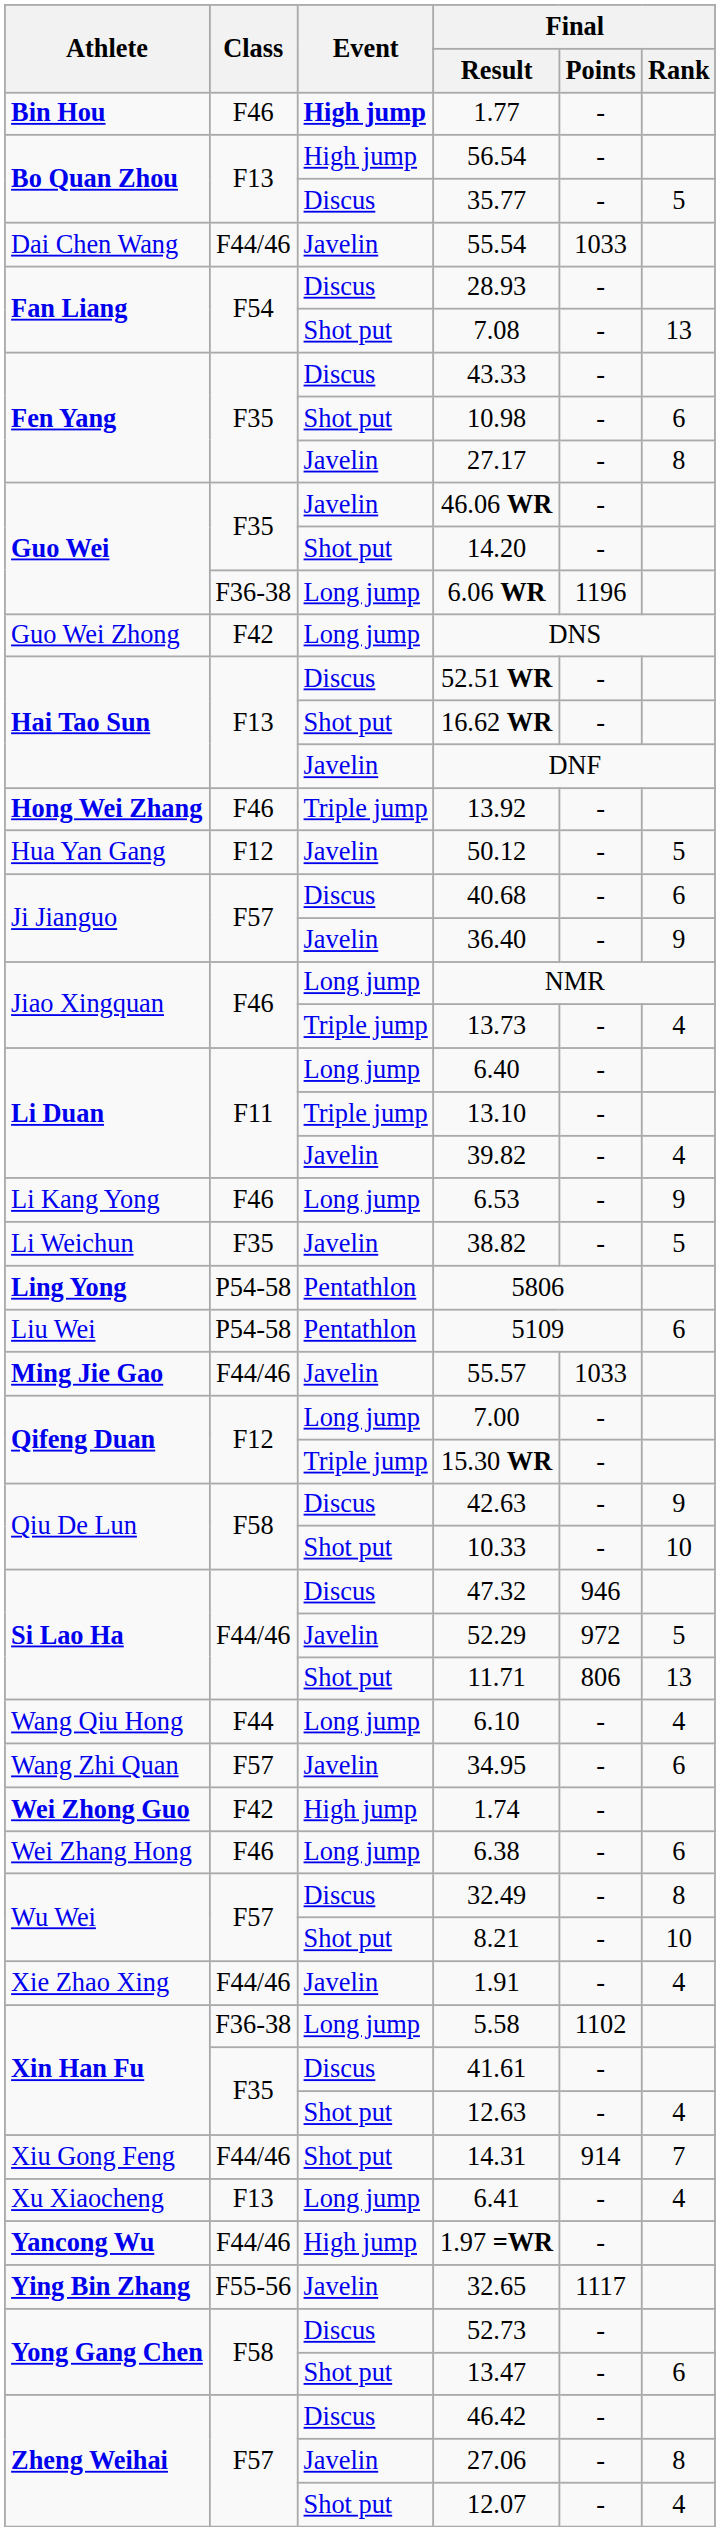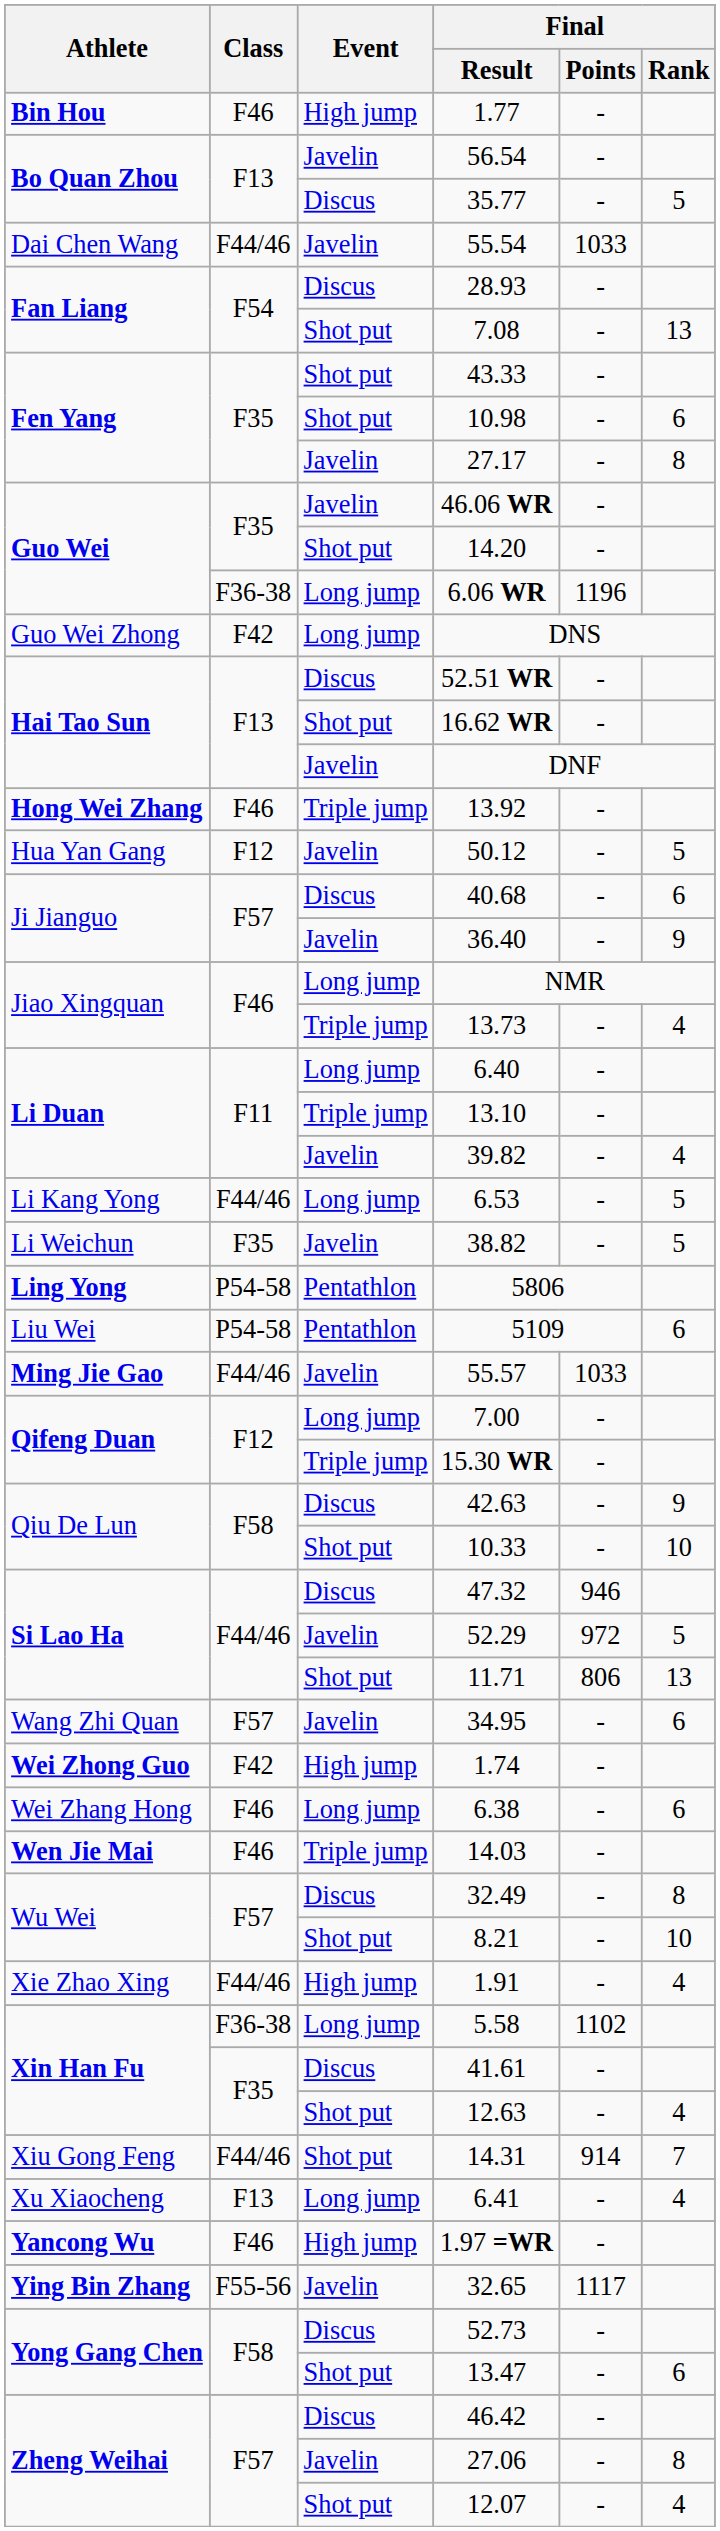 <table class=wikitable style="font-size:90%">
 <tr>
 <th rowspan="2">Athlete</th>
 <th rowspan="2">Class</th>
 <th rowspan="2">Event</th>
 <th colspan="3">Final</th>
 </tr>
 <tr>
 <th>Result</th>
 <th>Points</th>
 <th>Rank</th>
 </tr>
 <tr>
 <td><strong><a href='#'>Bin Hou</a></strong></td>
 <td style="text-align:center;">F46</td>
-<td><strong><a href='#'>High jump</a></strong></td>
+<td><a href='#'>High jump</a></td>
 <td style="text-align:center;">1.77</td>
 <td style="text-align:center;">-</td>
 <td style="text-align:center;"></td>
 </tr>
 <tr>
 <td rowspan="2"><strong><a href='#'>Bo Quan Zhou</a></strong></td>
 <td rowspan="2" style="text-align:center;">F13</td>
-<td><a href='#'>High jump</a></td>
+<td><a href='#'>Javelin</a></td>
 <td style="text-align:center;">56.54</td>
 <td style="text-align:center;">-</td>
 <td style="text-align:center;"></td>
 </tr>
 <tr>
 <td><a href='#'>Discus</a></td>
 <td style="text-align:center;">35.77</td>
 <td style="text-align:center;">-</td>
 <td style="text-align:center;">5</td>
 </tr>
 <tr>
 <td><a href='#'>Dai Chen Wang</a></td>
 <td style="text-align:center;">F44/46</td>
 <td><a href='#'>Javelin</a></td>
 <td style="text-align:center;">55.54</td>
 <td style="text-align:center;">1033</td>
 <td style="text-align:center;"></td>
 </tr>
 <tr>
 <td rowspan="2"><strong><a href='#'>Fan Liang</a></strong></td>
 <td rowspan="2" style="text-align:center;">F54</td>
 <td><a href='#'>Discus</a></td>
 <td style="text-align:center;">28.93</td>
 <td style="text-align:center;">-</td>
 <td style="text-align:center;"></td>
 </tr>
 <tr>
 <td><a href='#'>Shot put</a></td>
 <td style="text-align:center;">7.08</td>
 <td style="text-align:center;">-</td>
 <td style="text-align:center;">13</td>
 </tr>
 <tr>
 <td rowspan="3"><strong><a href='#'>Fen Yang</a></strong></td>
 <td rowspan="3" style="text-align:center;">F35</td>
-<td><a href='#'>Discus</a></td>
+<td><a href='#'>Shot put</a></td>
 <td style="text-align:center;">43.33</td>
 <td style="text-align:center;">-</td>
 <td style="text-align:center;"></td>
 </tr>
 <tr>
 <td><a href='#'>Shot put</a></td>
 <td style="text-align:center;">10.98</td>
 <td style="text-align:center;">-</td>
 <td style="text-align:center;">6</td>
 </tr>
 <tr>
 <td><a href='#'>Javelin</a></td>
 <td style="text-align:center;">27.17</td>
 <td style="text-align:center;">-</td>
 <td style="text-align:center;">8</td>
 </tr>
 <tr>
 <td rowspan="3"><strong><a href='#'>Guo Wei</a></strong></td>
 <td rowspan="2" style="text-align:center;">F35</td>
 <td><a href='#'>Javelin</a></td>
 <td style="text-align:center;">46.06 <strong>WR</strong></td>
 <td style="text-align:center;">-</td>
 <td style="text-align:center;"></td>
 </tr>
 <tr>
 <td><a href='#'>Shot put</a></td>
 <td style="text-align:center;">14.20</td>
 <td style="text-align:center;">-</td>
 <td style="text-align:center;"></td>
 </tr>
 <tr>
 <td style="text-align:center;">F36-38</td>
 <td><a href='#'>Long jump</a></td>
 <td style="text-align:center;">6.06 <strong>WR</strong></td>
 <td style="text-align:center;">1196</td>
 <td style="text-align:center;"></td>
 </tr>
 <tr>
 <td><a href='#'>Guo Wei Zhong</a></td>
 <td style="text-align:center;">F42</td>
 <td><a href='#'>Long jump</a></td>
 <td style="text-align:center;" colspan="3">DNS</td>
 </tr>
 <tr>
 <td rowspan="3"><strong><a href='#'>Hai Tao Sun</a></strong></td>
 <td rowspan="3" style="text-align:center;">F13</td>
 <td><a href='#'>Discus</a></td>
 <td style="text-align:center;">52.51 <strong>WR</strong></td>
 <td style="text-align:center;">-</td>
 <td style="text-align:center;"></td>
 </tr>
 <tr>
 <td><a href='#'>Shot put</a></td>
 <td style="text-align:center;">16.62 <strong>WR</strong></td>
 <td style="text-align:center;">-</td>
 <td style="text-align:center;"></td>
 </tr>
 <tr>
 <td><a href='#'>Javelin</a></td>
 <td style="text-align:center;" colspan="3">DNF</td>
 </tr>
 <tr>
 <td><strong><a href='#'>Hong Wei Zhang</a></strong></td>
 <td style="text-align:center;">F46</td>
 <td><a href='#'>Triple jump</a></td>
 <td style="text-align:center;">13.92</td>
 <td style="text-align:center;">-</td>
 <td style="text-align:center;"></td>
 </tr>
 <tr>
 <td><a href='#'>Hua Yan Gang</a></td>
 <td style="text-align:center;">F12</td>
 <td><a href='#'>Javelin</a></td>
 <td style="text-align:center;">50.12</td>
 <td style="text-align:center;">-</td>
 <td style="text-align:center;">5</td>
 </tr>
 <tr>
 <td rowspan="2"><a href='#'>Ji Jianguo</a></td>
 <td rowspan="2" style="text-align:center;">F57</td>
 <td><a href='#'>Discus</a></td>
 <td style="text-align:center;">40.68</td>
 <td style="text-align:center;">-</td>
 <td style="text-align:center;">6</td>
 </tr>
 <tr>
 <td><a href='#'>Javelin</a></td>
 <td style="text-align:center;">36.40</td>
 <td style="text-align:center;">-</td>
 <td style="text-align:center;">9</td>
 </tr>
 <tr>
 <td rowspan="2"><a href='#'>Jiao Xingquan</a></td>
 <td rowspan="2" style="text-align:center;">F46</td>
 <td><a href='#'>Long jump</a></td>
 <td style="text-align:center;" colspan="3">NMR</td>
 </tr>
 <tr>
 <td><a href='#'>Triple jump</a></td>
 <td style="text-align:center;">13.73</td>
 <td style="text-align:center;">-</td>
 <td style="text-align:center;">4</td>
 </tr>
 <tr>
 <td rowspan="3"><strong><a href='#'>Li Duan</a></strong></td>
 <td rowspan="3" style="text-align:center;">F11</td>
 <td><a href='#'>Long jump</a></td>
 <td style="text-align:center;">6.40</td>
 <td style="text-align:center;">-</td>
 <td style="text-align:center;"></td>
 </tr>
 <tr>
 <td><a href='#'>Triple jump</a></td>
 <td style="text-align:center;">13.10</td>
 <td style="text-align:center;">-</td>
 <td style="text-align:center;"></td>
 </tr>
 <tr>
 <td><a href='#'>Javelin</a></td>
 <td style="text-align:center;">39.82</td>
 <td style="text-align:center;">-</td>
 <td style="text-align:center;">4</td>
 </tr>
 <tr>
 <td><a href='#'>Li Kang Yong</a></td>
-<td style="text-align:center;">F46</td>
+<td style="text-align:center;">F44/46</td>
 <td><a href='#'>Long jump</a></td>
 <td style="text-align:center;">6.53</td>
 <td style="text-align:center;">-</td>
-<td style="text-align:center;">9</td>
+<td style="text-align:center;">5</td>
 </tr>
 <tr>
 <td><a href='#'>Li Weichun</a></td>
 <td style="text-align:center;">F35</td>
 <td><a href='#'>Javelin</a></td>
 <td style="text-align:center;">38.82</td>
 <td style="text-align:center;">-</td>
 <td style="text-align:center;">5</td>
 </tr>
 <tr>
 <td><strong><a href='#'>Ling Yong</a></strong></td>
 <td style="text-align:center;">P54-58</td>
 <td><a href='#'>Pentathlon</a></td>
 <td style="text-align:center;" colspan="2">5806</td>
 <td style="text-align:center;"></td>
 </tr>
 <tr>
 <td><a href='#'>Liu Wei</a></td>
 <td style="text-align:center;">P54-58</td>
 <td><a href='#'>Pentathlon</a></td>
 <td style="text-align:center;" colspan="2">5109</td>
 <td style="text-align:center;">6</td>
 </tr>
 <tr>
 <td><strong><a href='#'>Ming Jie Gao</a></strong></td>
 <td style="text-align:center;">F44/46</td>
 <td><a href='#'>Javelin</a></td>
 <td style="text-align:center;">55.57</td>
 <td style="text-align:center;">1033</td>
 <td style="text-align:center;"></td>
 </tr>
 <tr>
 <td rowspan="2"><strong><a href='#'>Qifeng Duan</a></strong></td>
 <td rowspan="2" style="text-align:center;">F12</td>
 <td><a href='#'>Long jump</a></td>
 <td style="text-align:center;">7.00</td>
 <td style="text-align:center;">-</td>
 <td style="text-align:center;"></td>
 </tr>
 <tr>
 <td><a href='#'>Triple jump</a></td>
 <td style="text-align:center;">15.30 <strong>WR</strong></td>
 <td style="text-align:center;">-</td>
 <td style="text-align:center;"></td>
 </tr>
 <tr>
 <td rowspan="2"><a href='#'>Qiu De Lun</a></td>
 <td rowspan="2" style="text-align:center;">F58</td>
 <td><a href='#'>Discus</a></td>
 <td style="text-align:center;">42.63</td>
 <td style="text-align:center;">-</td>
 <td style="text-align:center;">9</td>
 </tr>
 <tr>
 <td><a href='#'>Shot put</a></td>
 <td style="text-align:center;">10.33</td>
 <td style="text-align:center;">-</td>
 <td style="text-align:center;">10</td>
 </tr>
 <tr>
 <td rowspan="3"><strong><a href='#'>Si Lao Ha</a></strong></td>
 <td rowspan="3" style="text-align:center;">F44/46</td>
 <td><a href='#'>Discus</a></td>
 <td style="text-align:center;">47.32</td>
 <td style="text-align:center;">946</td>
 <td style="text-align:center;"></td>
 </tr>
 <tr>
 <td><a href='#'>Javelin</a></td>
 <td style="text-align:center;">52.29</td>
 <td style="text-align:center;">972</td>
 <td style="text-align:center;">5</td>
 </tr>
 <tr>
 <td><a href='#'>Shot put</a></td>
 <td style="text-align:center;">11.71</td>
 <td style="text-align:center;">806</td>
 <td style="text-align:center;">13</td>
 </tr>
 <tr>
-<td><a href='#'>Wang Qiu Hong</a></td>
-<td style="text-align:center;">F44</td>
-<td><a href='#'>Long jump</a></td>
-<td style="text-align:center;">6.10</td>
-<td style="text-align:center;">-</td>
-<td style="text-align:center;">4</td>
-</tr>
-<tr>
 <td><a href='#'>Wang Zhi Quan</a></td>
 <td style="text-align:center;">F57</td>
 <td><a href='#'>Javelin</a></td>
 <td style="text-align:center;">34.95</td>
 <td style="text-align:center;">-</td>
 <td style="text-align:center;">6</td>
 </tr>
 <tr>
 <td><strong><a href='#'>Wei Zhong Guo</a></strong></td>
 <td style="text-align:center;">F42</td>
 <td><a href='#'>High jump</a></td>
 <td style="text-align:center;">1.74</td>
 <td style="text-align:center;">-</td>
 <td style="text-align:center;"></td>
 </tr>
 <tr>
 <td><a href='#'>Wei Zhang Hong</a></td>
 <td style="text-align:center;">F46</td>
 <td><a href='#'>Long jump</a></td>
 <td style="text-align:center;">6.38</td>
 <td style="text-align:center;">-</td>
 <td style="text-align:center;">6</td>
 </tr>
 <tr>
+<td><strong><a href='#'>Wen Jie Mai</a></strong></td>
+<td style="text-align:center;">F46</td>
+<td><a href='#'>Triple jump</a></td>
+<td style="text-align:center;">14.03</td>
+<td style="text-align:center;">-</td>
+<td style="text-align:center;"></td>
+</tr>
+<tr>
 <td rowspan="2"><a href='#'>Wu Wei</a></td>
 <td rowspan="2" style="text-align:center;">F57</td>
 <td><a href='#'>Discus</a></td>
 <td style="text-align:center;">32.49</td>
 <td style="text-align:center;">-</td>
 <td style="text-align:center;">8</td>
 </tr>
 <tr>
 <td><a href='#'>Shot put</a></td>
 <td style="text-align:center;">8.21</td>
 <td style="text-align:center;">-</td>
 <td style="text-align:center;">10</td>
 </tr>
 <tr>
 <td><a href='#'>Xie Zhao Xing</a></td>
 <td style="text-align:center;">F44/46</td>
-<td><a href='#'>Javelin</a></td>
+<td><a href='#'>High jump</a></td>
 <td style="text-align:center;">1.91</td>
 <td style="text-align:center;">-</td>
 <td style="text-align:center;">4</td>
 </tr>
 <tr>
 <td rowspan="3"><strong><a href='#'>Xin Han Fu</a></strong></td>
 <td style="text-align:center;">F36-38</td>
 <td><a href='#'>Long jump</a></td>
 <td style="text-align:center;">5.58</td>
 <td style="text-align:center;">1102</td>
 <td style="text-align:center;"></td>
 </tr>
 <tr>
 <td rowspan="2" style="text-align:center;">F35</td>
 <td><a href='#'>Discus</a></td>
 <td style="text-align:center;">41.61</td>
 <td style="text-align:center;">-</td>
 <td style="text-align:center;"></td>
 </tr>
 <tr>
 <td><a href='#'>Shot put</a></td>
 <td style="text-align:center;">12.63</td>
 <td style="text-align:center;">-</td>
 <td style="text-align:center;">4</td>
 </tr>
 <tr>
 <td><a href='#'>Xiu Gong Feng</a></td>
 <td style="text-align:center;">F44/46</td>
 <td><a href='#'>Shot put</a></td>
 <td style="text-align:center;">14.31</td>
 <td style="text-align:center;">914</td>
 <td style="text-align:center;">7</td>
 </tr>
 <tr>
 <td><a href='#'>Xu Xiaocheng</a></td>
 <td style="text-align:center;">F13</td>
 <td><a href='#'>Long jump</a></td>
 <td style="text-align:center;">6.41</td>
 <td style="text-align:center;">-</td>
 <td style="text-align:center;">4</td>
 </tr>
 <tr>
 <td><strong><a href='#'>Yancong Wu</a></strong></td>
-<td style="text-align:center;">F44/46</td>
+<td style="text-align:center;">F46</td>
 <td><a href='#'>High jump</a></td>
 <td style="text-align:center;">1.97 <strong>=WR</strong></td>
 <td style="text-align:center;">-</td>
 <td style="text-align:center;"></td>
 </tr>
 <tr>
 <td><strong><a href='#'>Ying Bin Zhang</a></strong></td>
 <td style="text-align:center;">F55-56</td>
 <td><a href='#'>Javelin</a></td>
 <td style="text-align:center;">32.65</td>
 <td style="text-align:center;">1117</td>
 <td style="text-align:center;"></td>
 </tr>
 <tr>
 <td rowspan="2"><strong><a href='#'>Yong Gang Chen</a></strong></td>
 <td rowspan="2" style="text-align:center;">F58</td>
 <td><a href='#'>Discus</a></td>
 <td style="text-align:center;">52.73</td>
 <td style="text-align:center;">-</td>
 <td style="text-align:center;"></td>
 </tr>
 <tr>
 <td><a href='#'>Shot put</a></td>
 <td style="text-align:center;">13.47</td>
 <td style="text-align:center;">-</td>
 <td style="text-align:center;">6</td>
 </tr>
 <tr>
 <td rowspan="3"><strong><a href='#'>Zheng Weihai</a></strong></td>
 <td rowspan="3" style="text-align:center;">F57</td>
 <td><a href='#'>Discus</a></td>
 <td style="text-align:center;">46.42</td>
 <td style="text-align:center;">-</td>
 <td style="text-align:center;"></td>
 </tr>
 <tr>
 <td><a href='#'>Javelin</a></td>
 <td style="text-align:center;">27.06</td>
 <td style="text-align:center;">-</td>
 <td style="text-align:center;">8</td>
 </tr>
 <tr>
 <td><a href='#'>Shot put</a></td>
 <td style="text-align:center;">12.07</td>
 <td style="text-align:center;">-</td>
 <td style="text-align:center;">4</td>
 </tr>
 </table>
